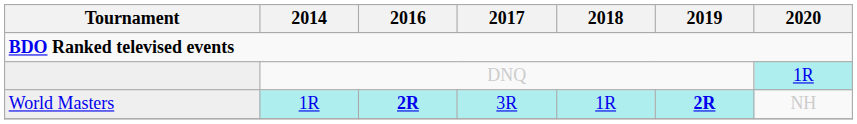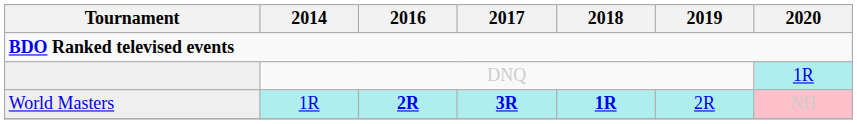 <table class="wikitable" style="width:60%; margin:0">
 <tr>
 <th>Tournament</th>
 <th>2014</th>
 <th>2016</th>
 <th>2017</th>
 <th>2018</th>
 <th>2019</th>
 <th>2020</th>
 </tr>
 <tr>
 <td colspan="15" style="text-align:left"><strong><a href='#'>BDO</a> Ranked televised events</strong></td>
 </tr>
 <tr>
 <td style="background:#efefef;"></td>
 <td colspan="5" style="text-align:center; color:#ccc;">DNQ</td>
 <td style="text-align:center; background:#afeeee;"><a href='#'>1R</a></td>
 </tr>
 <tr>
 <td style="background:#efefef;"><a href='#'>World Masters</a></td>
 <td style="text-align:center; background:#afeeee;"><a href='#'>1R</a></td>
 <td style="text-align:center; background:#afeeee;"><strong><a href='#'>2R</a></strong></td>
-<td style="text-align:center; background:#afeeee;"><a href='#'>3R</a></td>
-<td style="text-align:center; background:#afeeee;"><a href='#'>1R</a></td>
-<td style="text-align:center; background:#afeeee;"><strong><a href='#'>2R</a></strong></td>
-<td style="text-align:center; color:#ccc;">NH</td>
+<td style="text-align:center; background:#afeeee;"><strong><a href='#'>3R</a></strong></td>
+<td style="text-align:center; background:#afeeee;"><strong><a href='#'>1R</a></strong></td>
+<td style="text-align:center; background:#afeeee;"><a href='#'>2R</a></td>
+<td style="background: pink; text-align:center; color:#ccc;">NH</td>
 </tr>
 <tr>
 </tr>
 </table>
